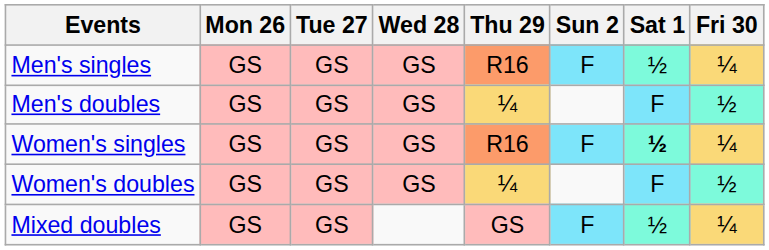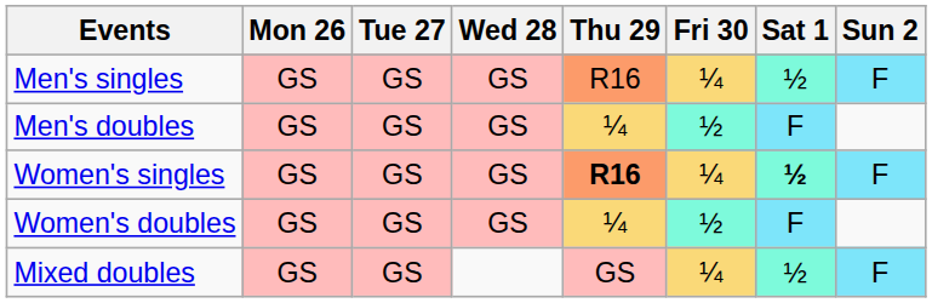 <table class="wikitable" style="margin:0.5em auto; font-size:90%; line-height:1.25em; text-align:center">
 <tr>
 <th>Events</th>
 <th>Mon 26</th>
 <th>Tue 27</th>
 <th>Wed 28</th>
 <th>Thu 29</th>
+<th>Fri 30</th>
+<th>Sat 1</th>
 <th>Sun 2</th>
-<th>Sat 1</th>
-<th>Fri 30</th>
 </tr>
 <tr>
 <td style="text-align:left;"><a href='#'>Men's singles</a></td>
 <td style="background-color:#FFBBBB">GS</td>
 <td style="background-color:#FFBBBB">GS</td>
 <td style="background-color:#FFBBBB">GS</td>
 <td style="background-color:#FC9B6A">R16</td>
+<td style="background-color:#FAD978">¼</td>
+<td style="background-color:#7DFADB">½</td>
 <td style="background-color:#7DE5FA">F</td>
-<td style="background-color:#7DFADB">½</td>
-<td style="background-color:#FAD978">¼</td>
 </tr>
 <tr>
 <td style="text-align:left;"><a href='#'>Men's doubles</a></td>
 <td style="background-color:#FFBBBB">GS</td>
 <td style="background-color:#FFBBBB">GS</td>
 <td style="background-color:#FFBBBB">GS</td>
 <td style="background-color:#FAD978">¼</td>
+<td style="background-color:#7DFADB">½</td>
+<td style="background-color:#7DE5FA">F</td>
 <td></td>
-<td style="background-color:#7DE5FA">F</td>
-<td style="background-color:#7DFADB">½</td>
 </tr>
 <tr>
 <td style="text-align:left;"><a href='#'>Women's singles</a></td>
 <td style="background-color:#FFBBBB">GS</td>
 <td style="background-color:#FFBBBB">GS</td>
 <td style="background-color:#FFBBBB">GS</td>
-<td style="background-color:#FC9B6A">R16</td>
+<td style="background-color:#FC9B6A"><strong>R16</strong></td>
+<td style="background-color:#FAD978">¼</td>
+<td style="background-color:#7DFADB"><strong>½</strong></td>
 <td style="background-color:#7DE5FA">F</td>
-<td style="background-color:#7DFADB"><strong>½</strong></td>
-<td style="background-color:#FAD978">¼</td>
 </tr>
 <tr>
 <td style="text-align:left;"><a href='#'>Women's doubles</a></td>
 <td style="background-color:#FFBBBB">GS</td>
 <td style="background-color:#FFBBBB">GS</td>
 <td style="background-color:#FFBBBB">GS</td>
 <td style="background-color:#FAD978">¼</td>
+<td style="background-color:#7DFADB">½</td>
+<td style="background-color:#7DE5FA">F</td>
 <td></td>
-<td style="background-color:#7DE5FA">F</td>
-<td style="background-color:#7DFADB">½</td>
 </tr>
 <tr>
 <td style="text-align:left;"><a href='#'>Mixed doubles</a></td>
 <td style="background-color:#FFBBBB">GS</td>
 <td style="background-color:#FFBBBB">GS</td>
 <td></td>
 <td style="background-color:#FFBBBB">GS</td>
+<td style="background-color:#FAD978">¼</td>
+<td style="background-color:#7DFADB">½</td>
 <td style="background-color:#7DE5FA">F</td>
-<td style="background-color:#7DFADB">½</td>
-<td style="background-color:#FAD978">¼</td>
 </tr>
 </table>
